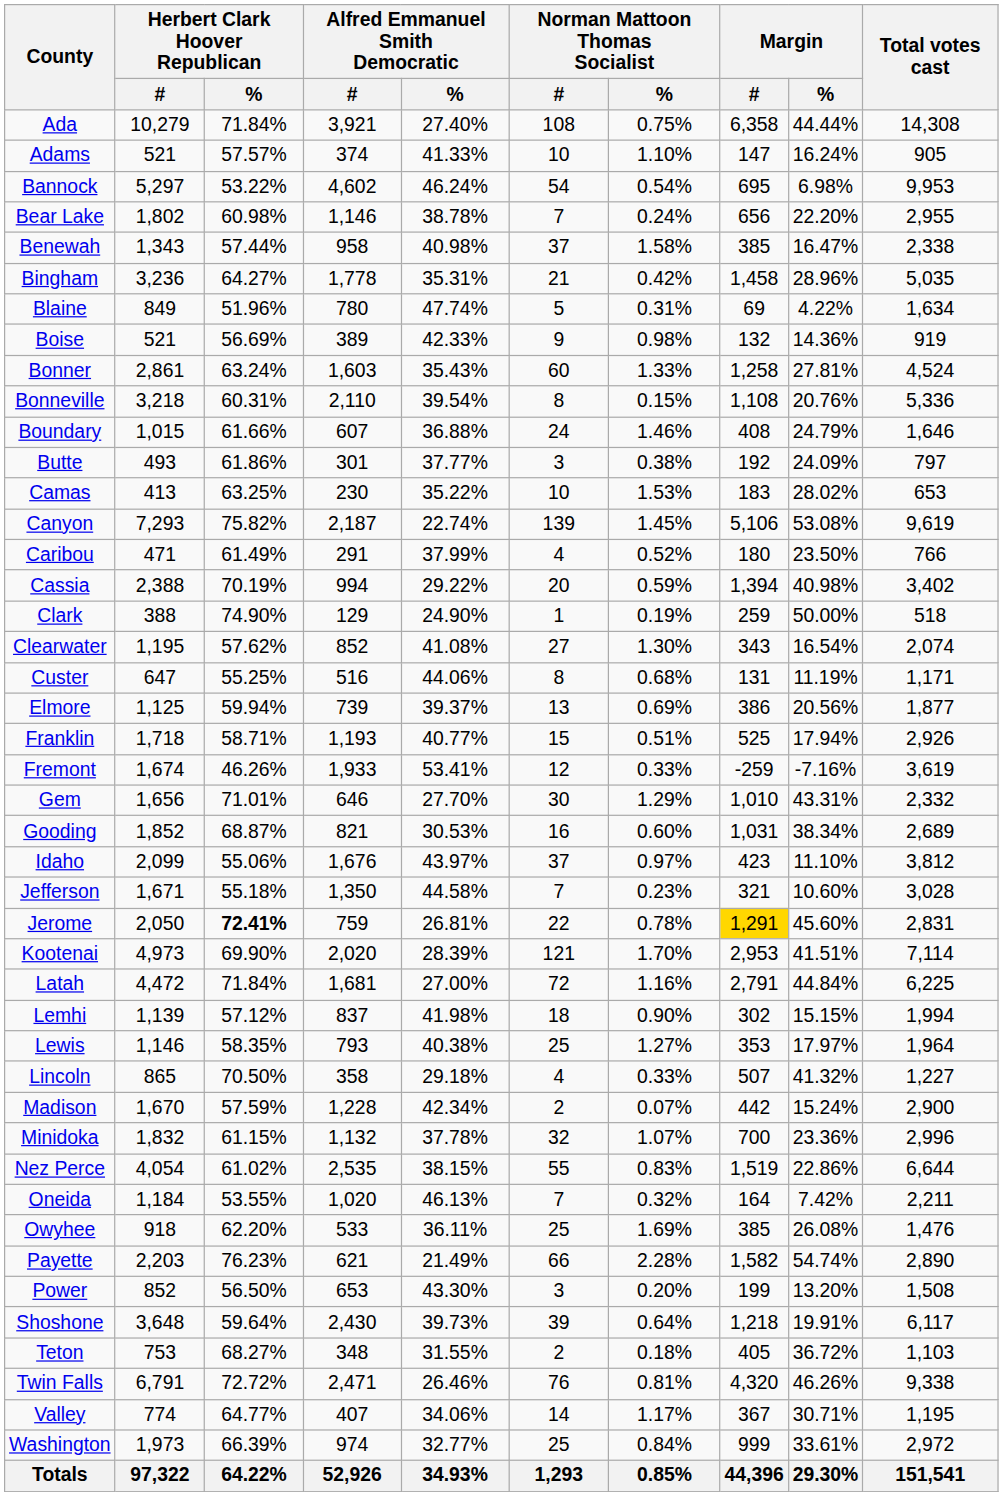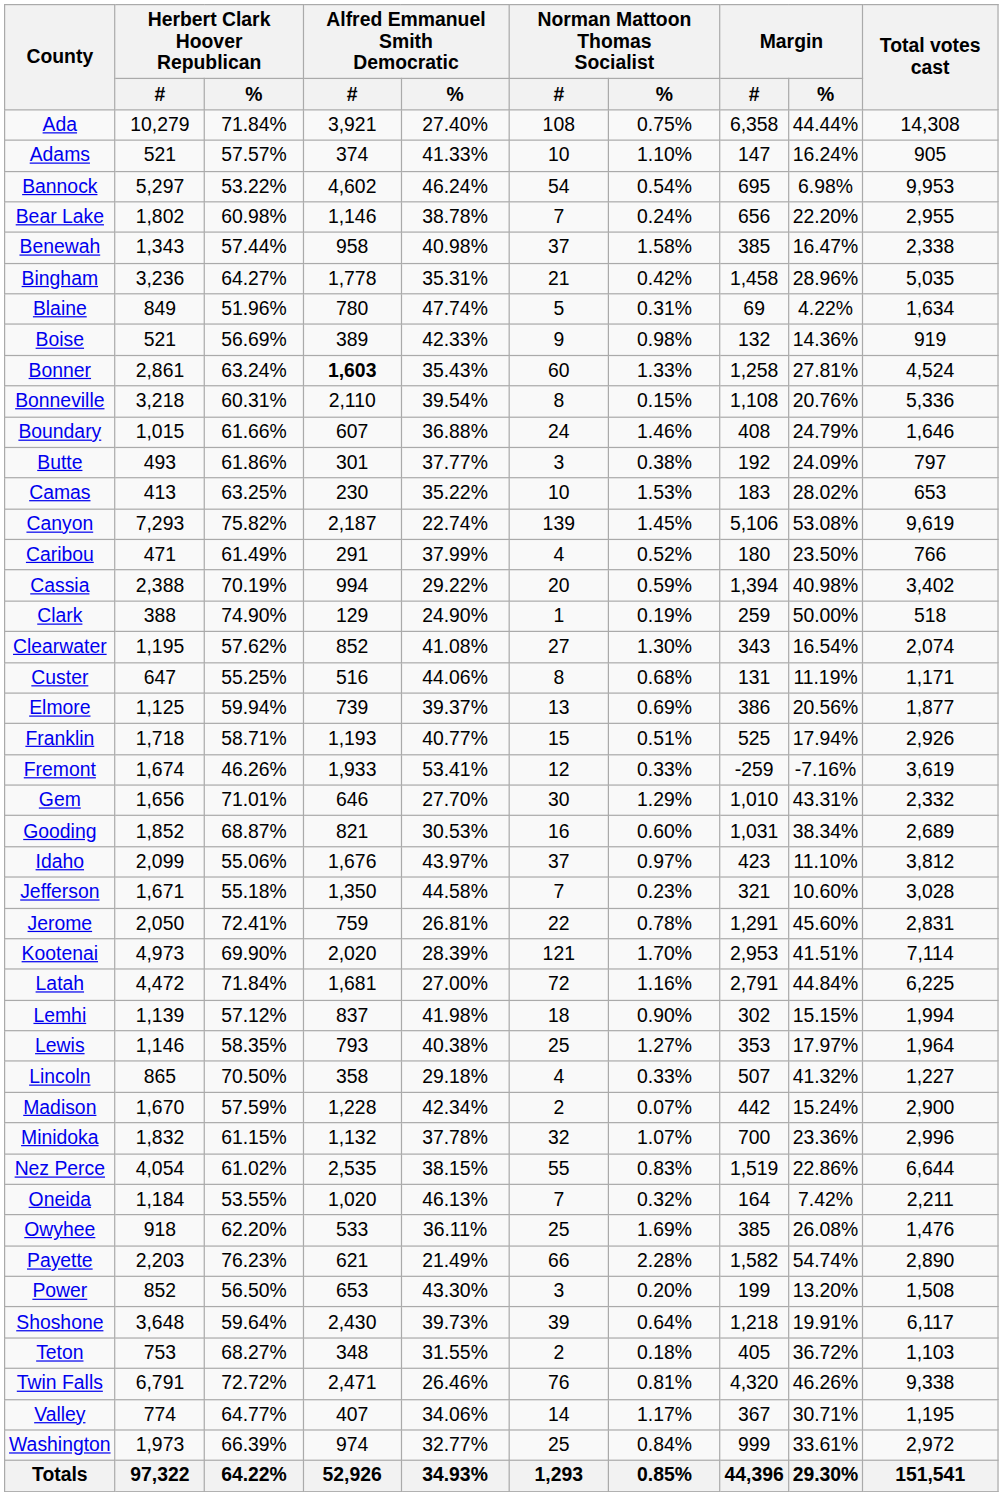 <table width="65%"  class="wikitable sortable" style="text-align:center">
 <tr>
 <th style="text-align:center;" rowspan="2">County</th>
 <th style="text-align:center;" colspan="2">Herbert Clark Hoover<br>Republican</th>
 <th style="text-align:center;" colspan="2">Alfred Emmanuel Smith<br>Democratic</th>
 <th style="text-align:center;" colspan="2">Norman Mattoon Thomas<br>Socialist</th>
 <th style="text-align:center;" colspan="2">Margin</th>
 <th style="text-align:center;" rowspan="2">Total votes cast</th>
 </tr>
 <tr>
 <th style="text-align:center;" data-sort-type="number">#</th>
 <th style="text-align:center;" data-sort-type="number">%</th>
 <th style="text-align:center;" data-sort-type="number">#</th>
 <th style="text-align:center;" data-sort-type="number">%</th>
 <th style="text-align:center;" data-sort-type="number">#</th>
 <th style="text-align:center;" data-sort-type="number">%</th>
 <th style="text-align:center;" data-sort-type="number">#</th>
 <th style="text-align:center;" data-sort-type="number">%</th>
 </tr>
 <tr style="text-align:center;">
 <td><a href='#'>Ada</a></td>
 <td>10,279</td>
 <td>71.84%</td>
 <td>3,921</td>
 <td>27.40%</td>
 <td>108</td>
 <td>0.75%</td>
 <td>6,358</td>
 <td>44.44%</td>
 <td>14,308</td>
 </tr>
 <tr style="text-align:center;">
 <td><a href='#'>Adams</a></td>
 <td>521</td>
 <td>57.57%</td>
 <td>374</td>
 <td>41.33%</td>
 <td>10</td>
 <td>1.10%</td>
 <td>147</td>
 <td>16.24%</td>
 <td>905</td>
 </tr>
 <tr style="text-align:center;">
 <td><a href='#'>Bannock</a></td>
 <td>5,297</td>
 <td>53.22%</td>
 <td>4,602</td>
 <td>46.24%</td>
 <td>54</td>
 <td>0.54%</td>
 <td>695</td>
 <td>6.98%</td>
 <td>9,953</td>
 </tr>
 <tr style="text-align:center;">
 <td><a href='#'>Bear Lake</a></td>
 <td>1,802</td>
 <td>60.98%</td>
 <td>1,146</td>
 <td>38.78%</td>
 <td>7</td>
 <td>0.24%</td>
 <td>656</td>
 <td>22.20%</td>
 <td>2,955</td>
 </tr>
 <tr style="text-align:center;">
 <td><a href='#'>Benewah</a></td>
 <td>1,343</td>
 <td>57.44%</td>
 <td>958</td>
 <td>40.98%</td>
 <td>37</td>
 <td>1.58%</td>
 <td>385</td>
 <td>16.47%</td>
 <td>2,338</td>
 </tr>
 <tr style="text-align:center;">
 <td><a href='#'>Bingham</a></td>
 <td>3,236</td>
 <td>64.27%</td>
 <td>1,778</td>
 <td>35.31%</td>
 <td>21</td>
 <td>0.42%</td>
 <td>1,458</td>
 <td>28.96%</td>
 <td>5,035</td>
 </tr>
 <tr style="text-align:center;">
 <td><a href='#'>Blaine</a></td>
 <td>849</td>
 <td>51.96%</td>
 <td>780</td>
 <td>47.74%</td>
 <td>5</td>
 <td>0.31%</td>
 <td>69</td>
 <td>4.22%</td>
 <td>1,634</td>
 </tr>
 <tr style="text-align:center;">
 <td><a href='#'>Boise</a></td>
 <td>521</td>
 <td>56.69%</td>
 <td>389</td>
 <td>42.33%</td>
 <td>9</td>
 <td>0.98%</td>
 <td>132</td>
 <td>14.36%</td>
 <td>919</td>
 </tr>
 <tr style="text-align:center;">
 <td><a href='#'>Bonner</a></td>
 <td>2,861</td>
 <td>63.24%</td>
-<td>1,603</td>
+<td><strong>1,603</strong></td>
 <td>35.43%</td>
 <td>60</td>
 <td>1.33%</td>
 <td>1,258</td>
 <td>27.81%</td>
 <td>4,524</td>
 </tr>
 <tr style="text-align:center;">
 <td><a href='#'>Bonneville</a></td>
 <td>3,218</td>
 <td>60.31%</td>
 <td>2,110</td>
 <td>39.54%</td>
 <td>8</td>
 <td>0.15%</td>
 <td>1,108</td>
 <td>20.76%</td>
 <td>5,336</td>
 </tr>
 <tr style="text-align:center;">
 <td><a href='#'>Boundary</a></td>
 <td>1,015</td>
 <td>61.66%</td>
 <td>607</td>
 <td>36.88%</td>
 <td>24</td>
 <td>1.46%</td>
 <td>408</td>
 <td>24.79%</td>
 <td>1,646</td>
 </tr>
 <tr style="text-align:center;">
 <td><a href='#'>Butte</a></td>
 <td>493</td>
 <td>61.86%</td>
 <td>301</td>
 <td>37.77%</td>
 <td>3</td>
 <td>0.38%</td>
 <td>192</td>
 <td>24.09%</td>
 <td>797</td>
 </tr>
 <tr style="text-align:center;">
 <td><a href='#'>Camas</a></td>
 <td>413</td>
 <td>63.25%</td>
 <td>230</td>
 <td>35.22%</td>
 <td>10</td>
 <td>1.53%</td>
 <td>183</td>
 <td>28.02%</td>
 <td>653</td>
 </tr>
 <tr style="text-align:center;">
 <td><a href='#'>Canyon</a></td>
 <td>7,293</td>
 <td>75.82%</td>
 <td>2,187</td>
 <td>22.74%</td>
 <td>139</td>
 <td>1.45%</td>
 <td>5,106</td>
 <td>53.08%</td>
 <td>9,619</td>
 </tr>
 <tr style="text-align:center;">
 <td><a href='#'>Caribou</a></td>
 <td>471</td>
 <td>61.49%</td>
 <td>291</td>
 <td>37.99%</td>
 <td>4</td>
 <td>0.52%</td>
 <td>180</td>
 <td>23.50%</td>
 <td>766</td>
 </tr>
 <tr style="text-align:center;">
 <td><a href='#'>Cassia</a></td>
 <td>2,388</td>
 <td>70.19%</td>
 <td>994</td>
 <td>29.22%</td>
 <td>20</td>
 <td>0.59%</td>
 <td>1,394</td>
 <td>40.98%</td>
 <td>3,402</td>
 </tr>
 <tr style="text-align:center;">
 <td><a href='#'>Clark</a></td>
 <td>388</td>
 <td>74.90%</td>
 <td>129</td>
 <td>24.90%</td>
 <td>1</td>
 <td>0.19%</td>
 <td>259</td>
 <td>50.00%</td>
 <td>518</td>
 </tr>
 <tr style="text-align:center;">
 <td><a href='#'>Clearwater</a></td>
 <td>1,195</td>
 <td>57.62%</td>
 <td>852</td>
 <td>41.08%</td>
 <td>27</td>
 <td>1.30%</td>
 <td>343</td>
 <td>16.54%</td>
 <td>2,074</td>
 </tr>
 <tr style="text-align:center;">
 <td><a href='#'>Custer</a></td>
 <td>647</td>
 <td>55.25%</td>
 <td>516</td>
 <td>44.06%</td>
 <td>8</td>
 <td>0.68%</td>
 <td>131</td>
 <td>11.19%</td>
 <td>1,171</td>
 </tr>
 <tr style="text-align:center;">
 <td><a href='#'>Elmore</a></td>
 <td>1,125</td>
 <td>59.94%</td>
 <td>739</td>
 <td>39.37%</td>
 <td>13</td>
 <td>0.69%</td>
 <td>386</td>
 <td>20.56%</td>
 <td>1,877</td>
 </tr>
 <tr style="text-align:center;">
 <td><a href='#'>Franklin</a></td>
 <td>1,718</td>
 <td>58.71%</td>
 <td>1,193</td>
 <td>40.77%</td>
 <td>15</td>
 <td>0.51%</td>
 <td>525</td>
 <td>17.94%</td>
 <td>2,926</td>
 </tr>
 <tr style="text-align:center;">
 <td><a href='#'>Fremont</a></td>
 <td>1,674</td>
 <td>46.26%</td>
 <td>1,933</td>
 <td>53.41%</td>
 <td>12</td>
 <td>0.33%</td>
 <td>-259</td>
 <td>-7.16%</td>
 <td>3,619</td>
 </tr>
 <tr style="text-align:center;">
 <td><a href='#'>Gem</a></td>
 <td>1,656</td>
 <td>71.01%</td>
 <td>646</td>
 <td>27.70%</td>
 <td>30</td>
 <td>1.29%</td>
 <td>1,010</td>
 <td>43.31%</td>
 <td>2,332</td>
 </tr>
 <tr style="text-align:center;">
 <td><a href='#'>Gooding</a></td>
 <td>1,852</td>
 <td>68.87%</td>
 <td>821</td>
 <td>30.53%</td>
 <td>16</td>
 <td>0.60%</td>
 <td>1,031</td>
 <td>38.34%</td>
 <td>2,689</td>
 </tr>
 <tr style="text-align:center;">
 <td><a href='#'>Idaho</a></td>
 <td>2,099</td>
 <td>55.06%</td>
 <td>1,676</td>
 <td>43.97%</td>
 <td>37</td>
 <td>0.97%</td>
 <td>423</td>
 <td>11.10%</td>
 <td>3,812</td>
 </tr>
 <tr style="text-align:center;">
 <td><a href='#'>Jefferson</a></td>
 <td>1,671</td>
 <td>55.18%</td>
 <td>1,350</td>
 <td>44.58%</td>
 <td>7</td>
 <td>0.23%</td>
 <td>321</td>
 <td>10.60%</td>
 <td>3,028</td>
 </tr>
 <tr style="text-align:center;">
 <td><a href='#'>Jerome</a></td>
 <td>2,050</td>
-<td><strong>72.41%</strong></td>
+<td>72.41%</td>
 <td>759</td>
 <td>26.81%</td>
 <td>22</td>
 <td>0.78%</td>
-<td style="background: gold;">1,291</td>
+<td>1,291</td>
 <td>45.60%</td>
 <td>2,831</td>
 </tr>
 <tr style="text-align:center;">
 <td><a href='#'>Kootenai</a></td>
 <td>4,973</td>
 <td>69.90%</td>
 <td>2,020</td>
 <td>28.39%</td>
 <td>121</td>
 <td>1.70%</td>
 <td>2,953</td>
 <td>41.51%</td>
 <td>7,114</td>
 </tr>
 <tr style="text-align:center;">
 <td><a href='#'>Latah</a></td>
 <td>4,472</td>
 <td>71.84%</td>
 <td>1,681</td>
 <td>27.00%</td>
 <td>72</td>
 <td>1.16%</td>
 <td>2,791</td>
 <td>44.84%</td>
 <td>6,225</td>
 </tr>
 <tr style="text-align:center;">
 <td><a href='#'>Lemhi</a></td>
 <td>1,139</td>
 <td>57.12%</td>
 <td>837</td>
 <td>41.98%</td>
 <td>18</td>
 <td>0.90%</td>
 <td>302</td>
 <td>15.15%</td>
 <td>1,994</td>
 </tr>
 <tr style="text-align:center;">
 <td><a href='#'>Lewis</a></td>
 <td>1,146</td>
 <td>58.35%</td>
 <td>793</td>
 <td>40.38%</td>
 <td>25</td>
 <td>1.27%</td>
 <td>353</td>
 <td>17.97%</td>
 <td>1,964</td>
 </tr>
 <tr style="text-align:center;">
 <td><a href='#'>Lincoln</a></td>
 <td>865</td>
 <td>70.50%</td>
 <td>358</td>
 <td>29.18%</td>
 <td>4</td>
 <td>0.33%</td>
 <td>507</td>
 <td>41.32%</td>
 <td>1,227</td>
 </tr>
 <tr style="text-align:center;">
 <td><a href='#'>Madison</a></td>
 <td>1,670</td>
 <td>57.59%</td>
 <td>1,228</td>
 <td>42.34%</td>
 <td>2</td>
 <td>0.07%</td>
 <td>442</td>
 <td>15.24%</td>
 <td>2,900</td>
 </tr>
 <tr style="text-align:center;">
 <td><a href='#'>Minidoka</a></td>
 <td>1,832</td>
 <td>61.15%</td>
 <td>1,132</td>
 <td>37.78%</td>
 <td>32</td>
 <td>1.07%</td>
 <td>700</td>
 <td>23.36%</td>
 <td>2,996</td>
 </tr>
 <tr style="text-align:center;">
 <td><a href='#'>Nez Perce</a></td>
 <td>4,054</td>
 <td>61.02%</td>
 <td>2,535</td>
 <td>38.15%</td>
 <td>55</td>
 <td>0.83%</td>
 <td>1,519</td>
 <td>22.86%</td>
 <td>6,644</td>
 </tr>
 <tr style="text-align:center;">
 <td><a href='#'>Oneida</a></td>
 <td>1,184</td>
 <td>53.55%</td>
 <td>1,020</td>
 <td>46.13%</td>
 <td>7</td>
 <td>0.32%</td>
 <td>164</td>
 <td>7.42%</td>
 <td>2,211</td>
 </tr>
 <tr style="text-align:center;">
 <td><a href='#'>Owyhee</a></td>
 <td>918</td>
 <td>62.20%</td>
 <td>533</td>
 <td>36.11%</td>
 <td>25</td>
 <td>1.69%</td>
 <td>385</td>
 <td>26.08%</td>
 <td>1,476</td>
 </tr>
 <tr style="text-align:center;">
 <td><a href='#'>Payette</a></td>
 <td>2,203</td>
 <td>76.23%</td>
 <td>621</td>
 <td>21.49%</td>
 <td>66</td>
 <td>2.28%</td>
 <td>1,582</td>
 <td>54.74%</td>
 <td>2,890</td>
 </tr>
 <tr style="text-align:center;">
 <td><a href='#'>Power</a></td>
 <td>852</td>
 <td>56.50%</td>
 <td>653</td>
 <td>43.30%</td>
 <td>3</td>
 <td>0.20%</td>
 <td>199</td>
 <td>13.20%</td>
 <td>1,508</td>
 </tr>
 <tr style="text-align:center;">
 <td><a href='#'>Shoshone</a></td>
 <td>3,648</td>
 <td>59.64%</td>
 <td>2,430</td>
 <td>39.73%</td>
 <td>39</td>
 <td>0.64%</td>
 <td>1,218</td>
 <td>19.91%</td>
 <td>6,117</td>
 </tr>
 <tr style="text-align:center;">
 <td><a href='#'>Teton</a></td>
 <td>753</td>
 <td>68.27%</td>
 <td>348</td>
 <td>31.55%</td>
 <td>2</td>
 <td>0.18%</td>
 <td>405</td>
 <td>36.72%</td>
 <td>1,103</td>
 </tr>
 <tr style="text-align:center;">
 <td><a href='#'>Twin Falls</a></td>
 <td>6,791</td>
 <td>72.72%</td>
 <td>2,471</td>
 <td>26.46%</td>
 <td>76</td>
 <td>0.81%</td>
 <td>4,320</td>
 <td>46.26%</td>
 <td>9,338</td>
 </tr>
 <tr style="text-align:center;">
 <td><a href='#'>Valley</a></td>
 <td>774</td>
 <td>64.77%</td>
 <td>407</td>
 <td>34.06%</td>
 <td>14</td>
 <td>1.17%</td>
 <td>367</td>
 <td>30.71%</td>
 <td>1,195</td>
 </tr>
 <tr style="text-align:center;">
 <td><a href='#'>Washington</a></td>
 <td>1,973</td>
 <td>66.39%</td>
 <td>974</td>
 <td>32.77%</td>
 <td>25</td>
 <td>0.84%</td>
 <td>999</td>
 <td>33.61%</td>
 <td>2,972</td>
 </tr>
 <tr style="text-align:center;">
 <th>Totals</th>
 <th>97,322</th>
 <th>64.22%</th>
 <th>52,926</th>
 <th>34.93%</th>
 <th>1,293</th>
 <th>0.85%</th>
 <th>44,396</th>
 <th>29.30%</th>
 <th>151,541</th>
 </tr>
 </table>
